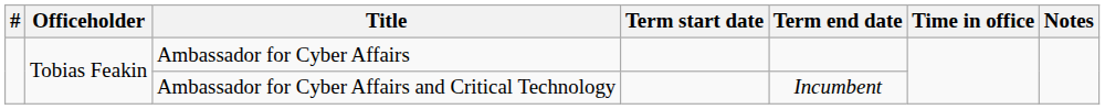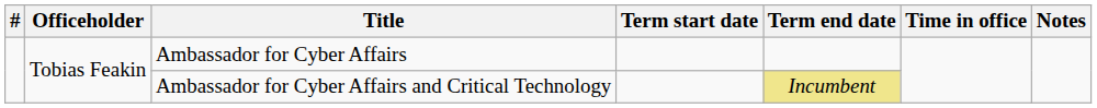 <table class='wikitable sortable'>
 <tr>
 <th>#</th>
 <th>Officeholder</th>
 <th>Title</th>
 <th>Term start date</th>
 <th>Term end date</th>
 <th>Time in office</th>
 <th>Notes</th>
 </tr>
 <tr>
 <td rowspan=2 align=center></td>
 <td rowspan=2>Tobias Feakin</td>
 <td>Ambassador for Cyber Affairs</td>
 <td align=center></td>
 <td align=center></td>
 <td rowspan=2 align=right></td>
 <td rowspan=2></td>
 </tr>
 <tr>
 <td>Ambassador for Cyber Affairs and Critical Technology</td>
 <td align=center></td>
-<td align=center><em>Incumbent</em></td>
+<td align=center style="background: khaki;"><em>Incumbent</em></td>
 </tr>
 </table>
